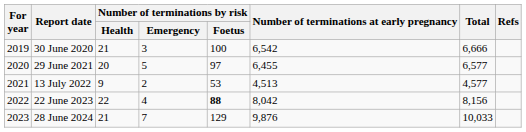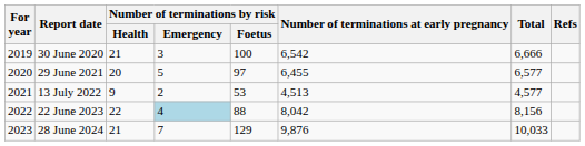 <table class="wikitable sortable">
 <tr>
 <th rowspan=2 data-sort-type=number>For<br>year</th>
 <th rowspan=2 data-sort-type="date">Report date</th>
 <th colspan=3>Number of terminations by risk</th>
 <th rowspan=2 class="unsortable">Number of terminations at early pregnancy</th>
 <th rowspan=2 class="unsortable">Total</th>
 <th rowspan=2 class="unsortable">Refs</th>
 </tr>
 <tr>
 <th data-sort-type=number>Health</th>
 <th data-sort-type=number>Emergency</th>
 <th data-sort-type=number>Foetus</th>
 </tr>
 <tr>
 <td>2019</td>
 <td>30 June 2020</td>
 <td>21</td>
 <td>3</td>
 <td>100</td>
 <td>6,542</td>
 <td>6,666</td>
 <td></td>
 </tr>
 <tr>
 <td>2020</td>
 <td>29 June 2021</td>
 <td>20</td>
 <td>5</td>
 <td>97</td>
 <td>6,455</td>
 <td>6,577</td>
 <td></td>
 </tr>
 <tr>
 <td>2021</td>
 <td>13 July 2022</td>
 <td>9</td>
 <td>2</td>
 <td>53</td>
 <td>4,513</td>
 <td>4,577</td>
 <td></td>
 </tr>
 <tr>
 <td>2022</td>
 <td>22 June 2023</td>
 <td>22</td>
-<td>4</td>
-<td><strong>88</strong></td>
+<td style="background: lightblue;">4</td>
+<td>88</td>
 <td>8,042</td>
 <td>8,156</td>
 <td></td>
 </tr>
 <tr>
 <td>2023</td>
 <td>28 June 2024</td>
 <td>21</td>
 <td>7</td>
 <td>129</td>
 <td>9,876</td>
 <td>10,033</td>
 <td></td>
 </tr>
 </table>
